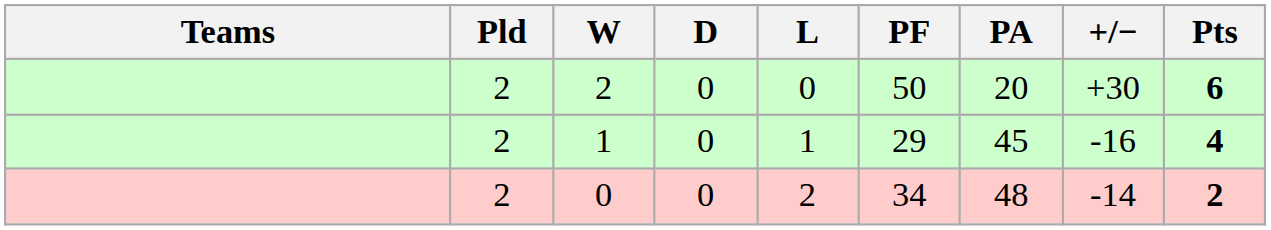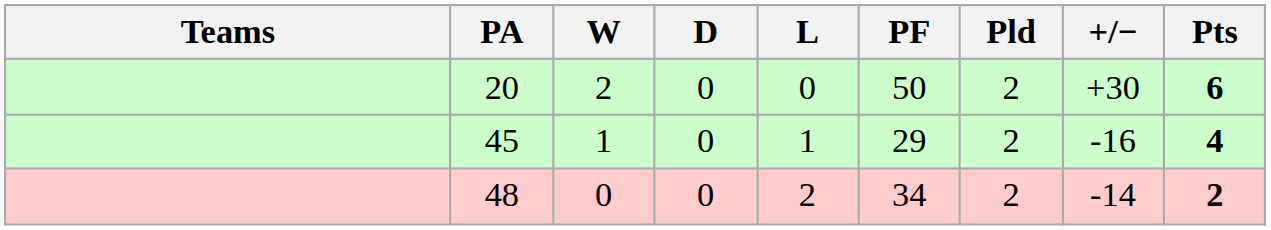 <table class="wikitable" style="text-align: center;">
 <tr>
 <th width="200">Teams</th>
-<th width="40">Pld</th>
+<th width="40">PA</th>
 <th width="40">W</th>
 <th width="40">D</th>
 <th width="40">L</th>
 <th width="40">PF</th>
-<th width="40">PA</th>
+<th width="40">Pld</th>
 <th width="40">+/−</th>
 <th width="40">Pts</th>
 </tr>
 <tr bgcolor=ccffcc>
 <td align=left></td>
-<td>2</td>
+<td>20</td>
 <td>2</td>
 <td>0</td>
 <td>0</td>
 <td>50</td>
-<td>20</td>
+<td>2</td>
 <td>+30</td>
 <td><strong>6</strong></td>
 </tr>
 <tr bgcolor=ccffcc>
 <td align=left></td>
-<td>2</td>
+<td>45</td>
 <td>1</td>
 <td>0</td>
 <td>1</td>
 <td>29</td>
-<td>45</td>
+<td>2</td>
 <td>-16</td>
 <td><strong>4</strong></td>
 </tr>
 <tr bgcolor=ffcccc>
 <td align=left></td>
-<td>2</td>
+<td>48</td>
 <td>0</td>
 <td>0</td>
 <td>2</td>
 <td>34</td>
-<td>48</td>
+<td>2</td>
 <td>-14</td>
 <td><strong>2</strong></td>
 </tr>
 </table>
